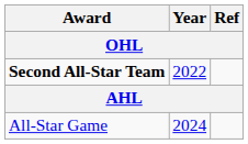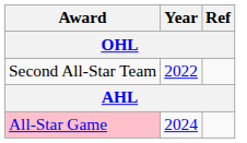 <table class="wikitable">
 <tr>
 <th>Award</th>
 <th>Year</th>
 <th>Ref</th>
 </tr>
 <tr>
 <th colspan="3"><a href='#'>OHL</a></th>
 </tr>
 <tr>
-<td><strong>Second All-Star Team</strong></td>
+<td>Second All-Star Team</td>
 <td><a href='#'>2022</a></td>
 <td></td>
 </tr>
 <tr>
 <th colspan="3"><a href='#'>AHL</a></th>
 </tr>
 <tr>
-<td><a href='#'>All-Star Game</a></td>
+<td style="background: pink;"><a href='#'>All-Star Game</a></td>
 <td><a href='#'>2024</a></td>
 <td></td>
 </tr>
 </table>
